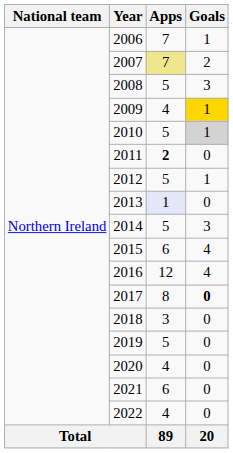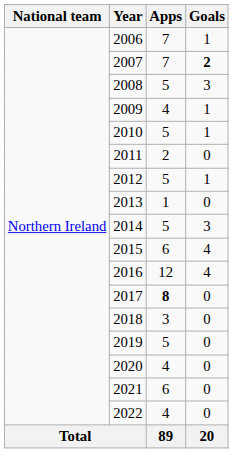 <table class=wikitable style="text-align: center;">
 <tr>
 <th>National team</th>
 <th>Year</th>
 <th>Apps</th>
 <th>Goals</th>
 </tr>
 <tr>
 <td rowspan=17><a href='#'>Northern Ireland</a></td>
 <td>2006</td>
 <td>7</td>
 <td>1</td>
 </tr>
 <tr>
 <td>2007</td>
-<td style="background: khaki;">7</td>
-<td>2</td>
+<td>7</td>
+<td><strong>2</strong></td>
 </tr>
 <tr>
 <td>2008</td>
 <td>5</td>
 <td>3</td>
 </tr>
 <tr>
 <td>2009</td>
 <td>4</td>
-<td style="background: gold;">1</td>
+<td>1</td>
 </tr>
 <tr>
 <td>2010</td>
 <td>5</td>
-<td style="background: lightgrey;">1</td>
+<td>1</td>
 </tr>
 <tr>
 <td>2011</td>
-<td><strong>2</strong></td>
+<td>2</td>
 <td>0</td>
 </tr>
 <tr>
 <td>2012</td>
 <td>5</td>
 <td>1</td>
 </tr>
 <tr>
 <td>2013</td>
-<td style="background: lavender;">1</td>
+<td>1</td>
 <td>0</td>
 </tr>
 <tr>
 <td>2014</td>
 <td>5</td>
 <td>3</td>
 </tr>
 <tr>
 <td>2015</td>
 <td>6</td>
 <td>4</td>
 </tr>
 <tr>
 <td>2016</td>
 <td>12</td>
 <td>4</td>
 </tr>
 <tr>
 <td>2017</td>
-<td>8</td>
-<td><strong>0</strong></td>
+<td><strong>8</strong></td>
+<td>0</td>
 </tr>
 <tr>
 <td>2018</td>
 <td>3</td>
 <td>0</td>
 </tr>
 <tr>
 <td>2019</td>
 <td>5</td>
 <td>0</td>
 </tr>
 <tr>
 <td>2020</td>
 <td>4</td>
 <td>0</td>
 </tr>
 <tr>
 <td>2021</td>
 <td>6</td>
 <td>0</td>
 </tr>
 <tr>
 <td>2022</td>
 <td>4</td>
 <td>0</td>
 </tr>
 <tr>
 <th colspan=2>Total</th>
 <th>89</th>
 <th>20</th>
 </tr>
 </table>
